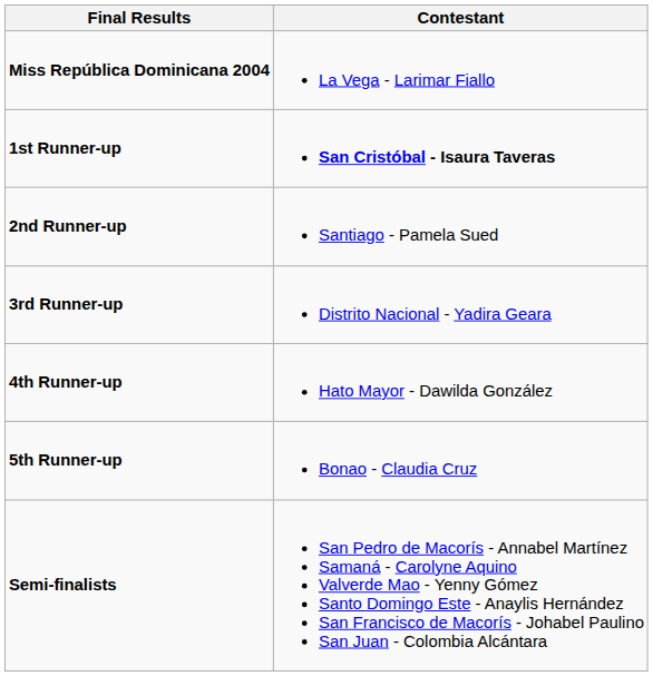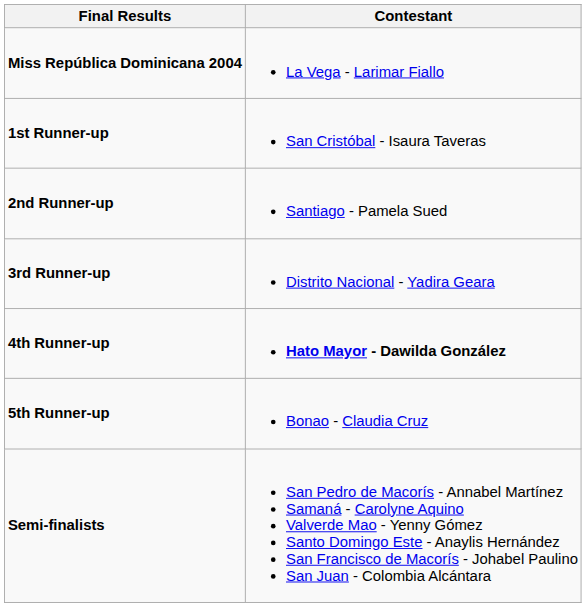 <table class="wikitable">
 <tr>
 <th>Final Results</th>
 <th>Contestant</th>
 </tr>
 <tr>
 <td><strong>Miss República Dominicana 2004</strong></td>
 <td><br><ul><li><a href='#'>La Vega</a> - <a href='#'>Larimar Fiallo</a></li></ul></td>
 </tr>
 <tr>
 <td><strong>1st Runner-up</strong></td>
-<td><strong><br><ul><li><a href='#'>San Cristóbal</a> - Isaura Taveras</li></ul></strong></td>
+<td><br><ul><li><a href='#'>San Cristóbal</a> - Isaura Taveras</li></ul></td>
 </tr>
 <tr>
 <td><strong>2nd Runner-up</strong></td>
 <td><br><ul><li><a href='#'>Santiago</a> - Pamela Sued</li></ul></td>
 </tr>
 <tr>
 <td><strong>3rd Runner-up</strong></td>
 <td><br><ul><li><a href='#'>Distrito Nacional</a> - <a href='#'>Yadira Geara</a></li></ul></td>
 </tr>
 <tr>
 <td><strong>4th Runner-up</strong></td>
-<td><br><ul><li><a href='#'>Hato Mayor</a> - Dawilda González</li></ul></td>
+<td><strong><br><ul><li><a href='#'>Hato Mayor</a> - Dawilda González</li></ul></strong></td>
 </tr>
 <tr>
 <td><strong>5th Runner-up</strong></td>
 <td><br><ul><li><a href='#'>Bonao</a> - <a href='#'>Claudia Cruz</a></li></ul></td>
 </tr>
 <tr>
 <td><strong>Semi-finalists</strong></td>
 <td><br><ul><li><a href='#'>San Pedro de Macorís</a> - Annabel Martínez</li><li><a href='#'>Samaná</a> - <a href='#'>Carolyne Aquino</a></li><li><a href='#'>Valverde Mao</a> - Yenny Gómez</li><li><a href='#'>Santo Domingo Este</a> - Anaylis Hernández</li><li><a href='#'>San Francisco de Macorís</a> - Johabel Paulino</li><li><a href='#'>San Juan</a> - Colombia Alcántara</li></ul></td>
 </tr>
 </table>
